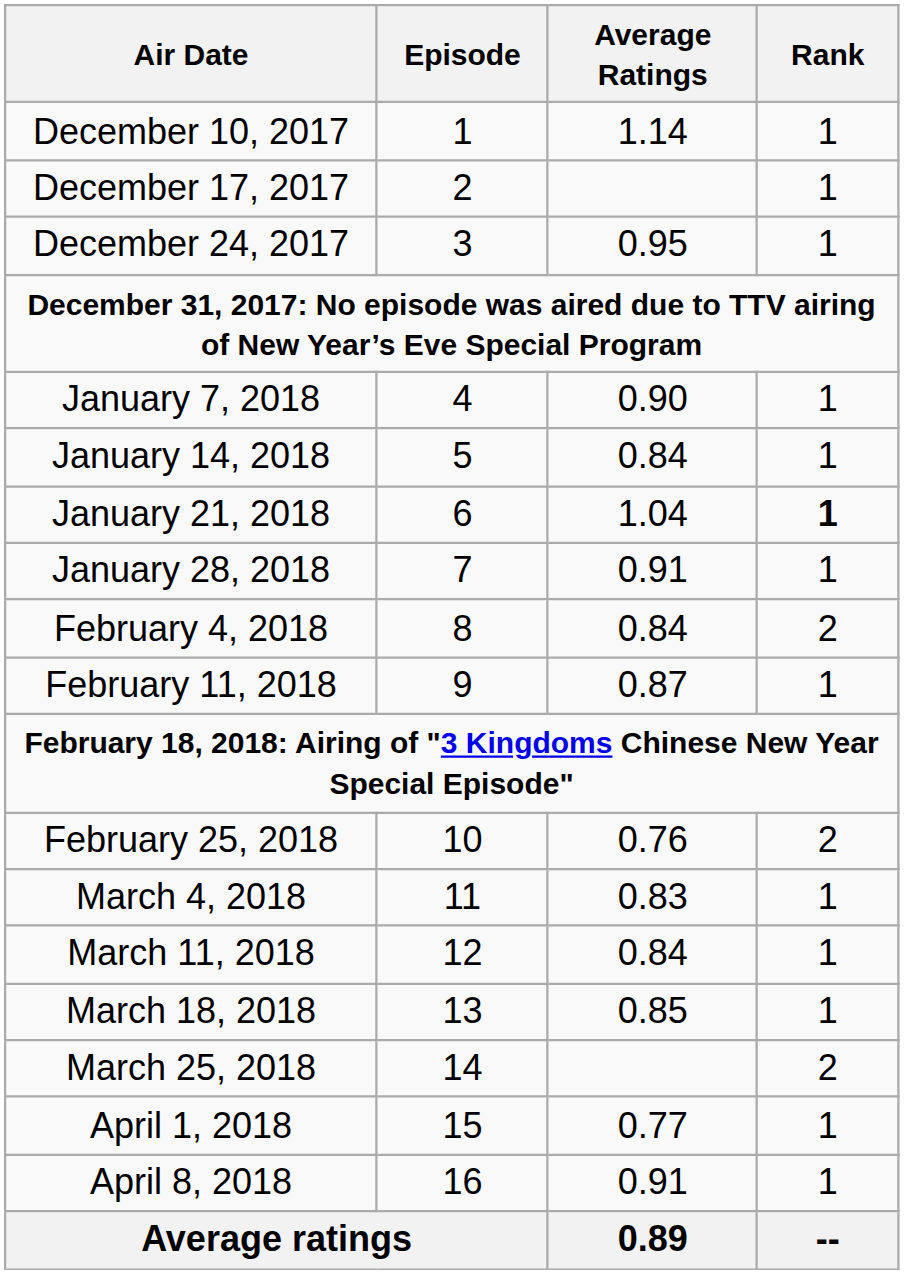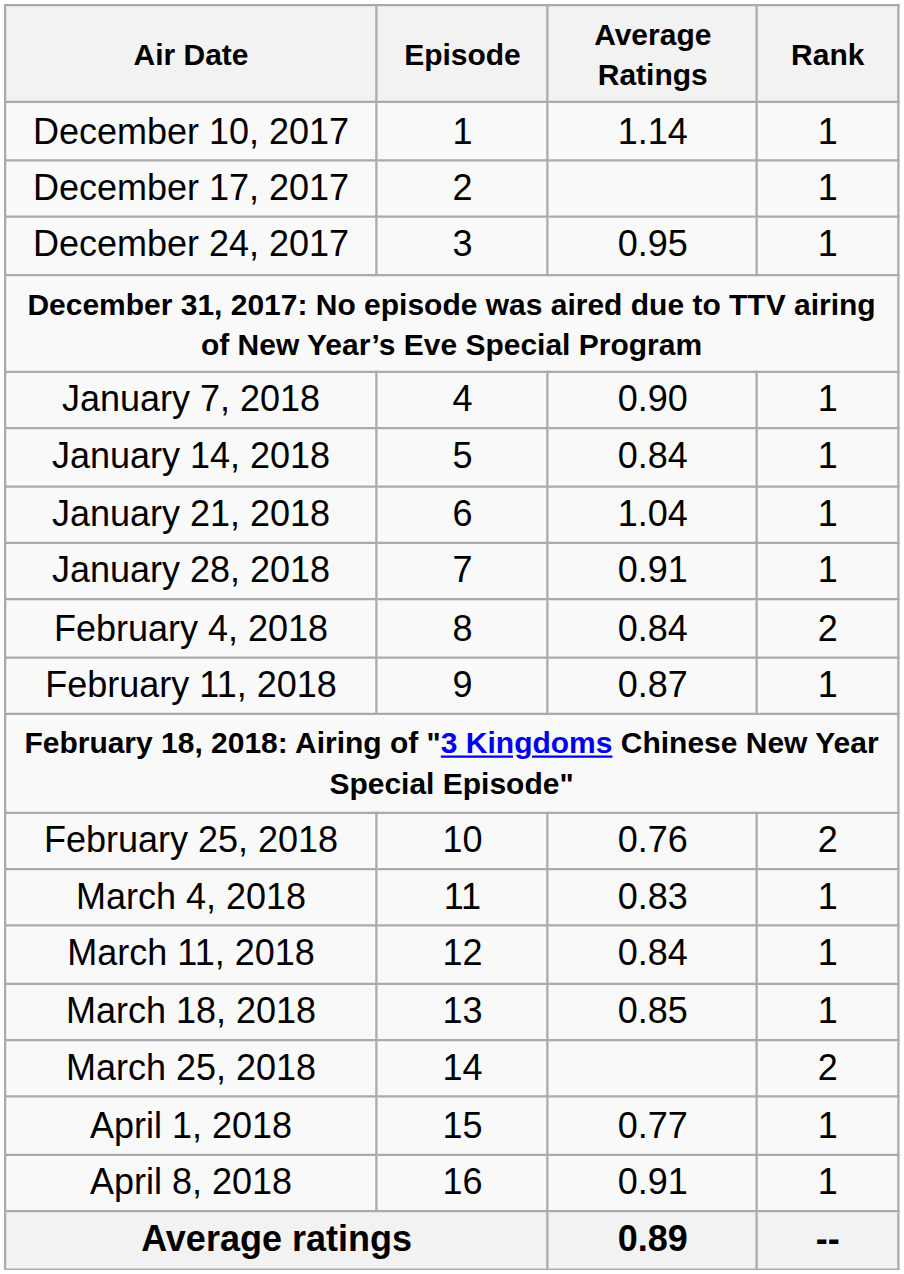 <table class="wikitable" style="text-align:center;width:45%;">
 <tr>
 <th width="15%"><small>Air Date</small></th>
 <th width="3%"><small>Episode</small></th>
 <th width="6%"><small>Average Ratings</small></th>
 <th width="4%"><small>Rank</small></th>
 </tr>
 <tr>
 <td>December 10, 2017</td>
 <td>1</td>
 <td>1.14</td>
 <td>1</td>
 </tr>
 <tr>
 <td>December 17, 2017</td>
 <td>2</td>
 <td><strong></strong></td>
 <td>1</td>
 </tr>
 <tr>
 <td>December 24, 2017</td>
 <td>3</td>
 <td>0.95</td>
 <td>1</td>
 </tr>
 <tr>
 <td colspan="4"><strong><small>December 31, 2017: No episode was aired due to TTV airing of New Year’s Eve Special Program</small></strong></td>
 </tr>
 <tr>
 <td>January 7, 2018</td>
 <td>4</td>
 <td>0.90</td>
 <td>1</td>
 </tr>
 <tr>
 <td>January 14, 2018</td>
 <td>5</td>
 <td>0.84</td>
 <td>1</td>
 </tr>
 <tr>
 <td>January 21, 2018</td>
 <td>6</td>
 <td>1.04</td>
-<td><strong>1</strong></td>
+<td>1</td>
 </tr>
 <tr>
 <td>January 28, 2018</td>
 <td>7</td>
 <td>0.91</td>
 <td>1</td>
 </tr>
 <tr>
 <td>February 4, 2018</td>
 <td>8</td>
 <td>0.84</td>
 <td>2</td>
 </tr>
 <tr>
 <td>February 11, 2018</td>
 <td>9</td>
 <td>0.87</td>
 <td>1</td>
 </tr>
 <tr>
 <td colspan="4"><strong><small>February 18, 2018: Airing of "<a href='#'>3 Kingdoms</a> Chinese New Year Special Episode"</small></strong></td>
 </tr>
 <tr>
 <td>February 25, 2018</td>
 <td>10</td>
 <td>0.76</td>
 <td>2</td>
 </tr>
 <tr>
 <td>March 4, 2018</td>
 <td>11</td>
 <td>0.83</td>
 <td>1</td>
 </tr>
 <tr>
 <td>March 11, 2018</td>
 <td>12</td>
 <td>0.84</td>
 <td>1</td>
 </tr>
 <tr>
 <td>March 18, 2018</td>
 <td>13</td>
 <td>0.85</td>
 <td>1</td>
 </tr>
 <tr>
 <td>March 25, 2018</td>
 <td>14</td>
 <td><strong></strong></td>
 <td>2</td>
 </tr>
 <tr>
 <td>April 1, 2018</td>
 <td>15</td>
 <td>0.77</td>
 <td>1</td>
 </tr>
 <tr>
 <td>April 8, 2018</td>
 <td>16</td>
 <td>0.91</td>
 <td>1</td>
 </tr>
 <tr>
 <th colspan="2"><strong>Average ratings</strong></th>
 <th>0.89</th>
 <th>--</th>
 </tr>
 </table>
